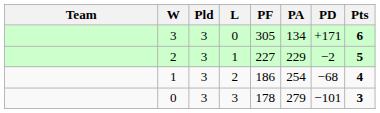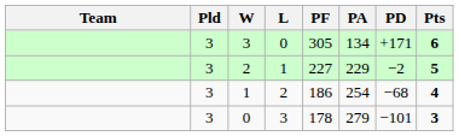 <table class=wikitable style="text-align:center">
 <tr>
 <th width=180>Team</th>
+<th width=30>Pld</th>
 <th width=30>W</th>
-<th width=30>Pld</th>
 <th width=30>L</th>
 <th width=30>PF</th>
 <th width=30>PA</th>
 <th width=30>PD</th>
 <th width=30>Pts</th>
 </tr>
 <tr align=center bgcolor="#ccffcc">
 <td align=left></td>
 <td>3</td>
 <td>3</td>
 <td>0</td>
 <td>305</td>
 <td>134</td>
 <td>+171</td>
 <td><strong>6</strong></td>
 </tr>
 <tr align=center bgcolor="#ccffcc">
 <td align=left></td>
+<td>3</td>
 <td>2</td>
-<td>3</td>
 <td>1</td>
 <td>227</td>
 <td>229</td>
 <td>−2</td>
 <td><strong>5</strong></td>
 </tr>
 <tr align=center>
 <td align=left></td>
+<td>3</td>
 <td>1</td>
-<td>3</td>
 <td>2</td>
 <td>186</td>
 <td>254</td>
 <td>−68</td>
 <td><strong>4</strong></td>
 </tr>
 <tr align=center>
 <td align=left></td>
+<td>3</td>
 <td>0</td>
-<td>3</td>
 <td>3</td>
 <td>178</td>
 <td>279</td>
 <td>−101</td>
 <td><strong>3</strong></td>
 </tr>
 </table>
